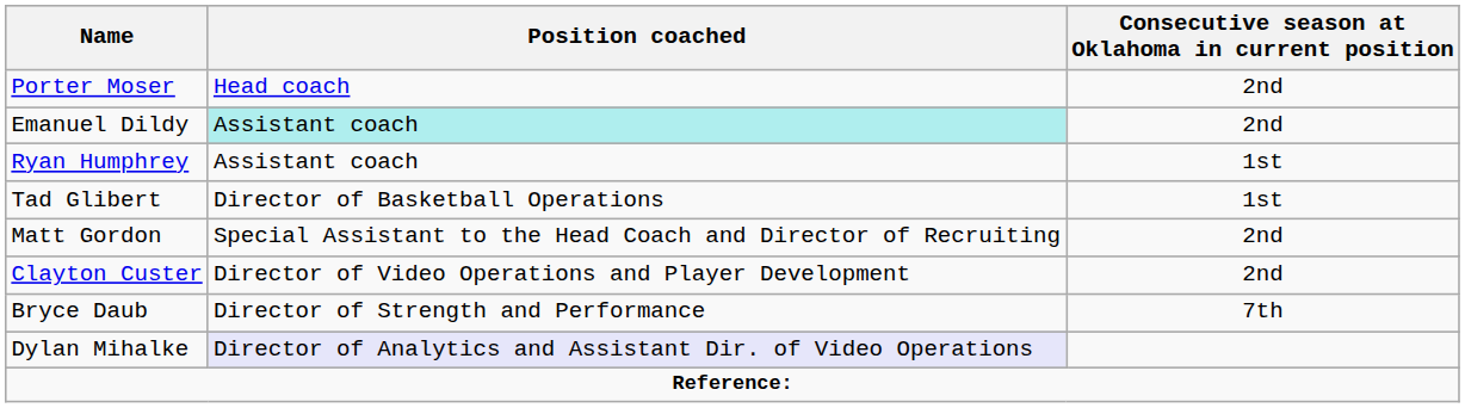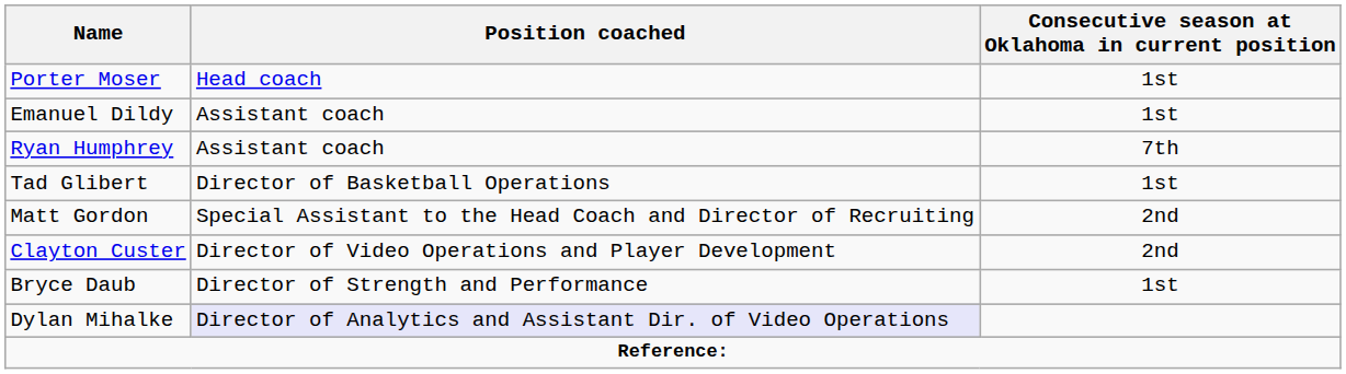 <table class="wikitable" style="font-size:93%;">
 <tr>
 <th>Name</th>
 <th>Position coached</th>
 <th>Consecutive season at<br>Oklahoma in current position</th>
 </tr>
 <tr>
 <td><a href='#'>Porter Moser</a></td>
 <td><a href='#'>Head coach</a></td>
-<td align=center>2nd</td>
+<td align=center>1st</td>
 </tr>
 <tr>
 <td>Emanuel Dildy</td>
-<td style="background: paleturquoise;">Assistant coach</td>
-<td align=center>2nd</td>
+<td>Assistant coach</td>
+<td align=center>1st</td>
 </tr>
 <tr>
 <td><a href='#'>Ryan Humphrey</a></td>
 <td>Assistant coach</td>
-<td align=center>1st</td>
+<td align=center>7th</td>
 </tr>
 <tr>
 <td>Tad Glibert</td>
 <td>Director of Basketball Operations</td>
 <td align=center>1st</td>
 </tr>
 <tr>
 <td>Matt Gordon</td>
 <td>Special Assistant to the Head Coach and Director of Recruiting</td>
 <td align=center>2nd</td>
 </tr>
 <tr>
 <td><a href='#'>Clayton Custer</a></td>
 <td>Director of Video Operations and Player Development</td>
 <td align=center>2nd</td>
 </tr>
 <tr>
 <td>Bryce Daub</td>
 <td>Director of Strength and Performance</td>
-<td align=center>7th</td>
+<td align=center>1st</td>
 </tr>
 <tr>
 <td>Dylan Mihalke</td>
 <td style="background: lavender;">Director of Analytics and Assistant Dir. of Video Operations</td>
 <td align=center></td>
 </tr>
 <tr>
 <td colspan="4" style="font-size:8pt; text-align:center;"><strong>Reference:</strong></td>
 </tr>
 </table>
